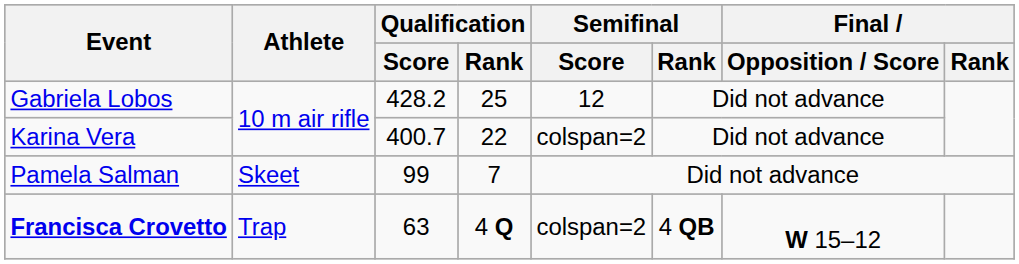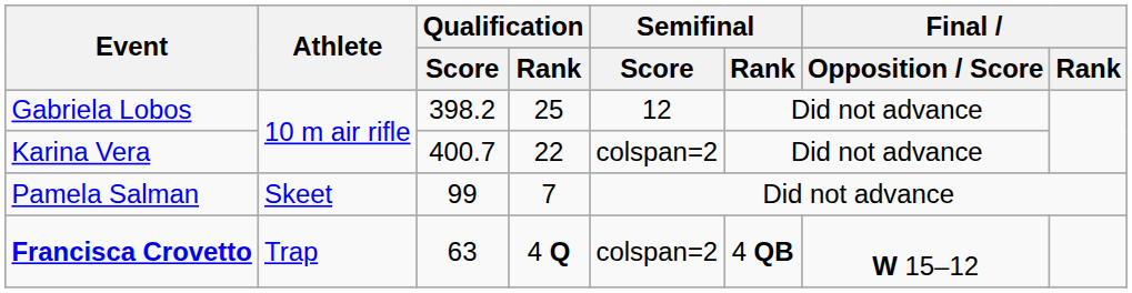 <table class="wikitable" style="font-size:90%">
 <tr>
 <th rowspan="2">Event</th>
 <th rowspan="2">Athlete</th>
 <th colspan="2">Qualification</th>
 <th colspan="2">Semifinal</th>
 <th colspan="2">Final / </th>
 </tr>
 <tr>
 <th>Score</th>
 <th>Rank</th>
 <th>Score</th>
 <th>Rank</th>
 <th>Opposition / Score</th>
 <th>Rank</th>
 </tr>
 <tr align=center>
 <td align=left><a href='#'>Gabriela Lobos</a></td>
 <td align=left rowspan=2><a href='#'>10 m air rifle</a></td>
-<td>428.2</td>
+<td>398.2</td>
 <td>25</td>
 <td>12</td>
 <td colspan=2>Did not advance</td>
 </tr>
 <tr align=center>
 <td align=left><a href='#'>Karina Vera</a></td>
 <td>400.7</td>
 <td>22</td>
 <td>colspan=2 </td>
 <td colspan=2>Did not advance</td>
 </tr>
 <tr align=center>
 <td align=left><a href='#'>Pamela Salman</a></td>
 <td align=left><a href='#'>Skeet</a></td>
 <td>99</td>
 <td>7</td>
 <td colspan=4>Did not advance</td>
 </tr>
 <tr align=center>
 <td align=left><strong><a href='#'>Francisca Crovetto</a></strong></td>
 <td align=left><a href='#'>Trap</a></td>
 <td>63</td>
 <td>4 <strong>Q</strong></td>
 <td>colspan=2 </td>
 <td>4 <strong>QB</strong></td>
 <td><br><strong>W</strong> 15–12</td>
 <td></td>
 </tr>
 </table>
